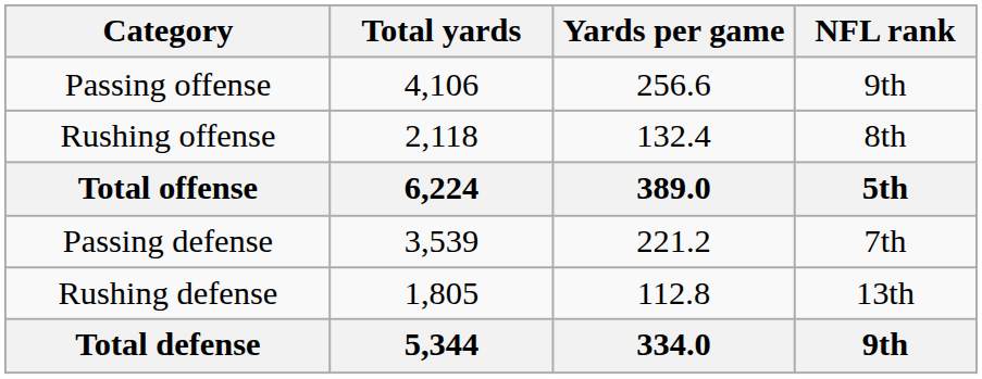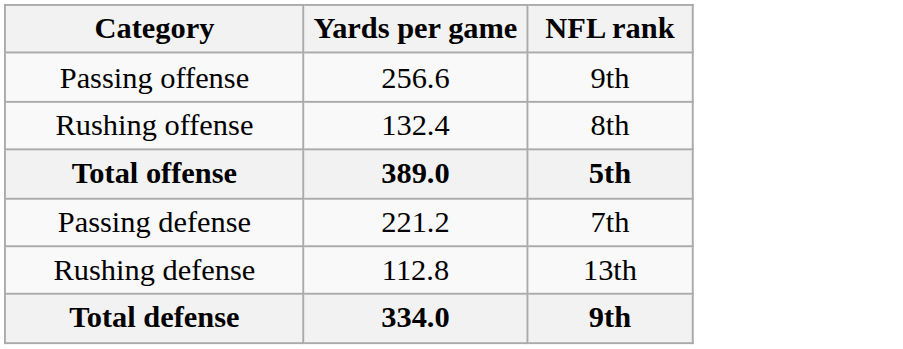 <table class="wikitable" style="text-align:center">
 <tr>
 <th width="150">Category</th>
-<th width="100">Total yards</th>
 <th width="110">Yards per game</th>
 <th width="80">NFL rank<br></th>
 </tr>
 <tr>
 <td>Passing offense</td>
-<td>4,106</td>
 <td>256.6</td>
 <td>9th</td>
 </tr>
 <tr>
 <td>Rushing offense</td>
-<td>2,118</td>
 <td>132.4</td>
 <td>8th</td>
 </tr>
 <tr>
 <th>Total offense</th>
-<th>6,224</th>
 <th>389.0</th>
 <th>5th</th>
 </tr>
 <tr>
 <td>Passing defense</td>
-<td>3,539</td>
 <td>221.2</td>
 <td>7th</td>
 </tr>
 <tr>
 <td>Rushing defense</td>
-<td>1,805</td>
 <td>112.8</td>
 <td>13th</td>
 </tr>
 <tr>
 <th>Total defense</th>
-<th>5,344</th>
 <th>334.0</th>
 <th>9th</th>
 </tr>
 </table>
